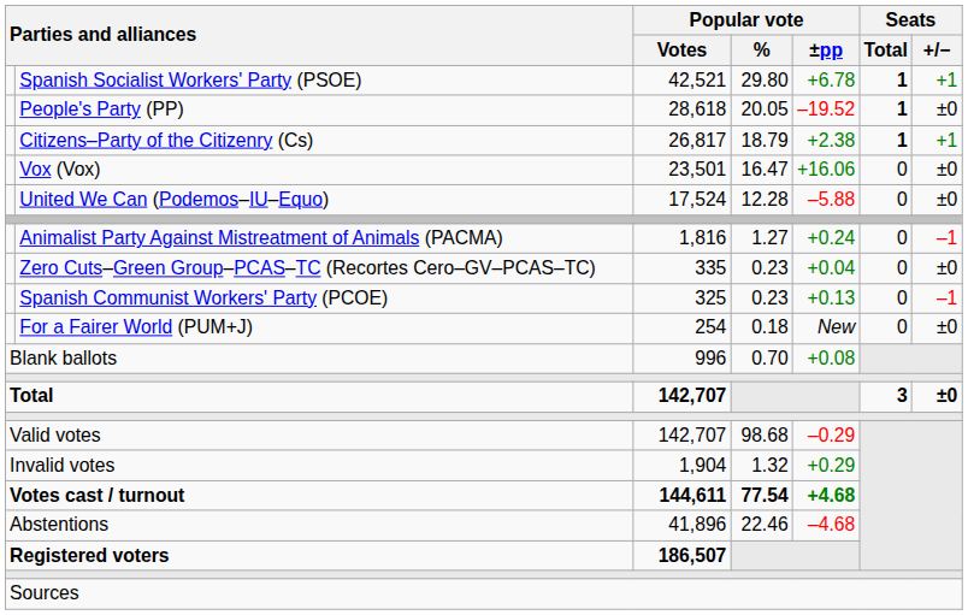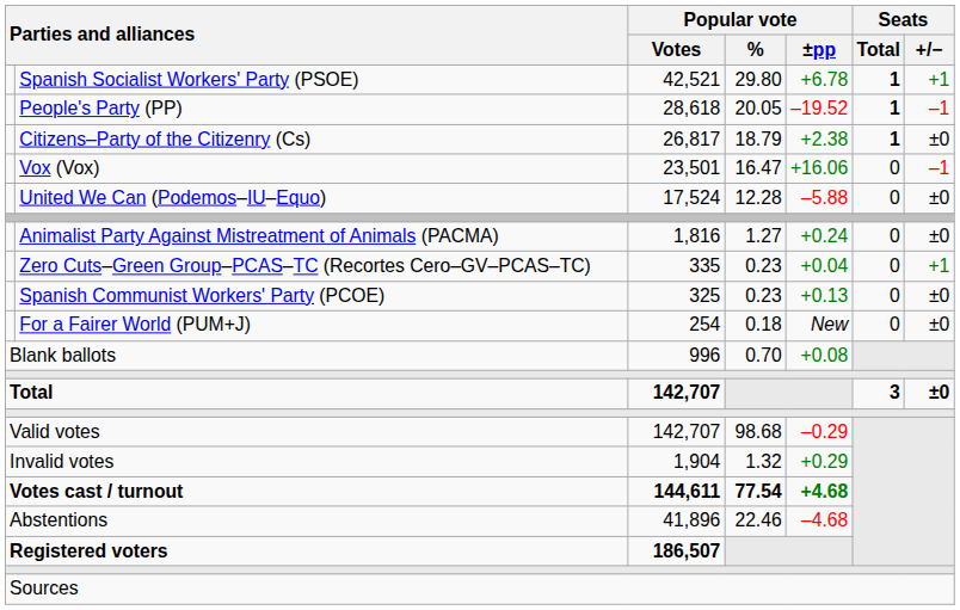 <table class="wikitable" style="text-align:right;">
 <tr>
 <th style="text-align:left;" rowspan="2" colspan="2" width="525">Parties and alliances</th>
 <th colspan="3">Popular vote</th>
 <th colspan="2">Seats</th>
 </tr>
 <tr>
 <th width="75">Votes</th>
 <th width="45">%</th>
 <th width="45">±<a href='#'>pp</a></th>
 <th width="35">Total</th>
 <th width="35">+/−</th>
 </tr>
 <tr>
 <td width="1" style="color:inherit;background:"></td>
 <td align="left"><a href='#'>Spanish Socialist Workers' Party</a> (PSOE)</td>
 <td>42,521</td>
 <td>29.80</td>
 <td style="color:green;">+6.78</td>
 <td><strong>1</strong></td>
 <td style="color:green;">+1</td>
 </tr>
 <tr>
 <td style="color:inherit;background:"></td>
 <td align="left"><a href='#'>People's Party</a> (PP)</td>
 <td>28,618</td>
 <td>20.05</td>
 <td style="color:red;">–19.52</td>
 <td><strong>1</strong></td>
-<td>±0</td>
+<td style="color:red;">–1</td>
 </tr>
 <tr>
 <td style="color:inherit;background:"></td>
 <td align="left"><a href='#'>Citizens–Party of the Citizenry</a> (Cs)</td>
 <td>26,817</td>
 <td>18.79</td>
 <td style="color:green;">+2.38</td>
 <td><strong>1</strong></td>
-<td style="color:green;">+1</td>
+<td>±0</td>
 </tr>
 <tr>
 <td style="color:inherit;background:"></td>
 <td align="left"><a href='#'>Vox</a> (Vox)</td>
 <td>23,501</td>
 <td>16.47</td>
 <td style="color:green;">+16.06</td>
 <td>0</td>
-<td>±0</td>
+<td style="color:red;">–1</td>
 </tr>
 <tr>
 <td style="color:inherit;background:"></td>
 <td align="left"><a href='#'>United We Can</a> (<a href='#'>Podemos</a>–<a href='#'>IU</a>–<a href='#'>Equo</a>)</td>
 <td>17,524</td>
 <td>12.28</td>
 <td style="color:red;">–5.88</td>
 <td>0</td>
 <td>±0</td>
 </tr>
 <tr>
 <td colspan="7" bgcolor="#C0C0C0"></td>
 </tr>
 <tr>
 <td style="color:inherit;background:"></td>
 <td align="left"><a href='#'>Animalist Party Against Mistreatment of Animals</a> (PACMA)</td>
 <td>1,816</td>
 <td>1.27</td>
 <td style="color:green;">+0.24</td>
 <td>0</td>
-<td style="color:red;">–1</td>
+<td>±0</td>
 </tr>
 <tr>
 <td style="color:inherit;background:"></td>
 <td align="left"><a href='#'>Zero Cuts</a>–<a href='#'>Green Group</a>–<a href='#'>PCAS</a>–<a href='#'>TC</a> (Recortes Cero–GV–PCAS–TC)</td>
 <td>335</td>
 <td>0.23</td>
 <td style="color:green;">+0.04</td>
 <td>0</td>
-<td>±0</td>
+<td style="color:green;">+1</td>
 </tr>
 <tr>
 <td style="color:inherit;background:"></td>
 <td align="left"><a href='#'>Spanish Communist Workers' Party</a> (PCOE)</td>
 <td>325</td>
 <td>0.23</td>
 <td style="color:green;">+0.13</td>
 <td>0</td>
-<td style="color:red;">–1</td>
+<td>±0</td>
 </tr>
 <tr>
 <td style="color:inherit;background:"></td>
 <td align="left"><a href='#'>For a Fairer World</a> (PUM+J)</td>
 <td>254</td>
 <td>0.18</td>
 <td><em>New</em></td>
 <td>0</td>
 <td>±0</td>
 </tr>
 <tr>
 <td align="left" colspan="2">Blank ballots</td>
 <td>996</td>
 <td>0.70</td>
 <td style="color:green;">+0.08</td>
 <td bgcolor="#E9E9E9" colspan="2"></td>
 </tr>
 <tr>
 <td colspan="7" bgcolor="#E9E9E9"></td>
 </tr>
 <tr style="font-weight:bold;">
 <td align="left" colspan="2">Total</td>
 <td>142,707</td>
 <td bgcolor="#E9E9E9" colspan="2"></td>
 <td>3</td>
 <td>±0</td>
 </tr>
 <tr>
 <td colspan="7" bgcolor="#E9E9E9"></td>
 </tr>
 <tr>
 <td align="left" colspan="2">Valid votes</td>
 <td>142,707</td>
 <td>98.68</td>
 <td style="color:red;">–0.29</td>
 <td bgcolor="#E9E9E9" colspan="2" rowspan="5"></td>
 </tr>
 <tr>
 <td align="left" colspan="2">Invalid votes</td>
 <td>1,904</td>
 <td>1.32</td>
 <td style="color:green;">+0.29</td>
 </tr>
 <tr style="font-weight:bold;">
 <td align="left" colspan="2">Votes cast / turnout</td>
 <td>144,611</td>
 <td>77.54</td>
 <td style="color:green;">+4.68</td>
 </tr>
 <tr>
 <td align="left" colspan="2">Abstentions</td>
 <td>41,896</td>
 <td>22.46</td>
 <td style="color:red;">–4.68</td>
 </tr>
 <tr style="font-weight:bold;">
 <td align="left" colspan="2">Registered voters</td>
 <td>186,507</td>
 <td bgcolor="#E9E9E9" colspan="2"></td>
 </tr>
 <tr>
 <td colspan="7" bgcolor="#E9E9E9"></td>
 </tr>
 <tr>
 <td align="left" colspan="7">Sources</td>
 </tr>
 </table>
